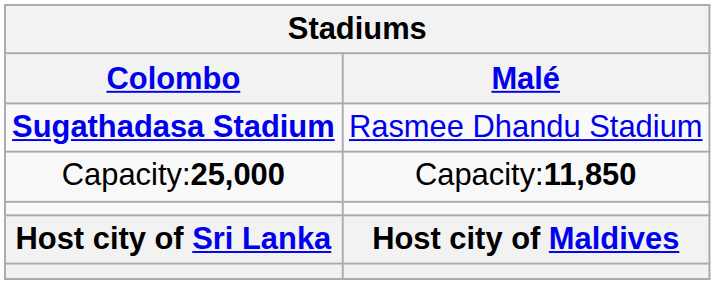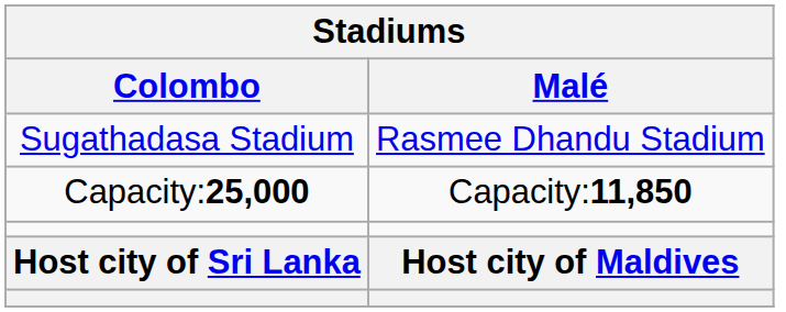 <table class="wikitable" style="text-align:center">
 <tr>
 <th colspan="2">Stadiums</th>
 </tr>
 <tr>
 <th><a href='#'>Colombo</a></th>
 <th><a href='#'>Malé</a></th>
 </tr>
 <tr>
-<td><strong><a href='#'>Sugathadasa Stadium</a></strong></td>
+<td><a href='#'>Sugathadasa Stadium</a></td>
 <td><a href='#'>Rasmee Dhandu Stadium</a></td>
 </tr>
 <tr>
 <td>Capacity:<strong>25,000</strong></td>
 <td>Capacity:<strong>11,850</strong></td>
 </tr>
 <tr>
 <td></td>
 <td></td>
 </tr>
 <tr>
 <th>Host city of <a href='#'>Sri Lanka</a></th>
 <th>Host city of <a href='#'>Maldives</a></th>
 </tr>
 <tr>
 <th></th>
 <th></th>
 </tr>
 </table>
